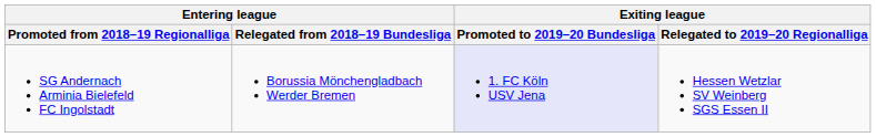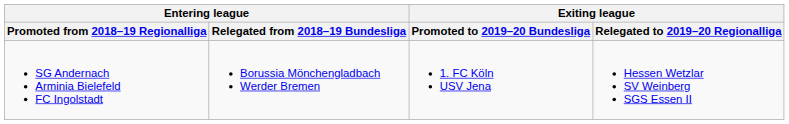 <table class="wikitable">
 <tr>
 <th colspan="2">Entering league</th>
 <th colspan="2">Exiting league</th>
 </tr>
 <tr>
 <th>Promoted from <a href='#'>2018–19 Regionalliga</a></th>
 <th>Relegated from <a href='#'>2018–19 Bundesliga</a></th>
 <th>Promoted to <a href='#'>2019–20 Bundesliga</a></th>
 <th>Relegated to <a href='#'>2019–20 Regionalliga</a></th>
 </tr>
 <tr style="vertical-align:top;">
 <td><br><ul><li><a href='#'>SG Andernach</a></li><li><a href='#'>Arminia Bielefeld</a></li><li><a href='#'>FC Ingolstadt</a></li></ul></td>
 <td><br><ul><li><a href='#'>Borussia Mönchengladbach</a></li><li><a href='#'>Werder Bremen</a></li></ul></td>
-<td style="background: lavender;"><br><ul><li><a href='#'>1. FC Köln</a></li><li><a href='#'>USV Jena</a></li></ul></td>
+<td><br><ul><li><a href='#'>1. FC Köln</a></li><li><a href='#'>USV Jena</a></li></ul></td>
 <td><br><ul><li><a href='#'>Hessen Wetzlar</a></li><li><a href='#'>SV Weinberg</a></li><li><a href='#'>SGS Essen II</a></li></ul></td>
 </tr>
 </table>
